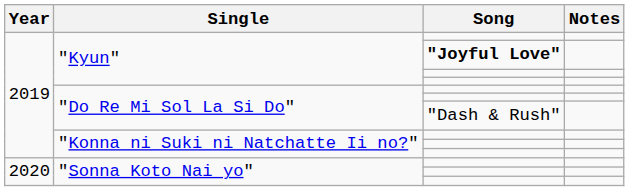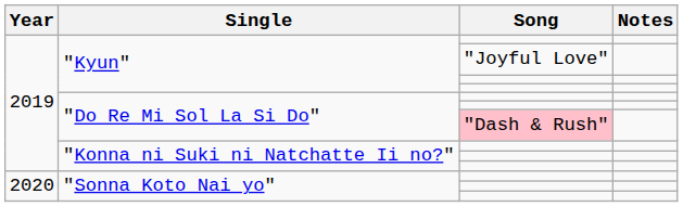 <table class="wikitable">
 <tr>
 <th>Year</th>
 <th>Single</th>
 <th>Song</th>
 <th>Notes</th>
 </tr>
 <tr>
 <td rowspan="10">2019</td>
 <td rowspan="4">"<a href='#'>Kyun</a>"</td>
 <td></td>
 <td></td>
 </tr>
 <tr>
-<td><strong>"Joyful Love"</strong></td>
+<td>"Joyful Love"</td>
 <td></td>
 </tr>
 <tr>
 <td></td>
 <td></td>
 </tr>
 <tr>
 <td></td>
 <td></td>
 </tr>
 <tr>
 <td rowspan="3">"<a href='#'>Do Re Mi Sol La Si Do</a>"</td>
 <td></td>
 <td></td>
 </tr>
 <tr>
 <td></td>
 <td></td>
 </tr>
 <tr>
-<td>"Dash & Rush"</td>
+<td style="background: pink;">"Dash & Rush"</td>
 <td></td>
 </tr>
 <tr>
 <td rowspan="3">"<a href='#'>Konna ni Suki ni Natchatte Ii no?</a>"</td>
 <td></td>
 <td></td>
 </tr>
 <tr>
 <td></td>
 <td></td>
 </tr>
 <tr>
 <td></td>
 <td></td>
 </tr>
 <tr>
 <td rowspan="3">2020</td>
 <td rowspan="3">"<a href='#'>Sonna Koto Nai yo</a>"</td>
 <td></td>
 <td></td>
 </tr>
 <tr>
 <td></td>
 <td></td>
 </tr>
 <tr>
 <td></td>
 <td></td>
 </tr>
 </table>
